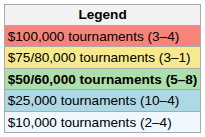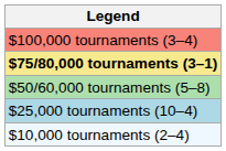 <table class=wikitable style="font-size:85%">
 <tr>
 <th>Legend</th>
 </tr>
 <tr style="background:#f88379;">
 <td>$100,000 tournaments (3–4)</td>
 </tr>
 <tr style="background:#f7e98e;">
-<td>$75/80,000 tournaments (3–1)</td>
+<td><strong>$75/80,000 tournaments (3–1)</strong></td>
 </tr>
 <tr style="background:#addfad;">
-<td><strong>$50/60,000 tournaments (5–8)</strong></td>
+<td>$50/60,000 tournaments (5–8)</td>
 </tr>
 <tr style="background:lightblue;">
 <td>$25,000 tournaments (10–4)</td>
 </tr>
 <tr style="background:#f0f8ff;">
 <td>$10,000 tournaments (2–4)</td>
 </tr>
 </table>
